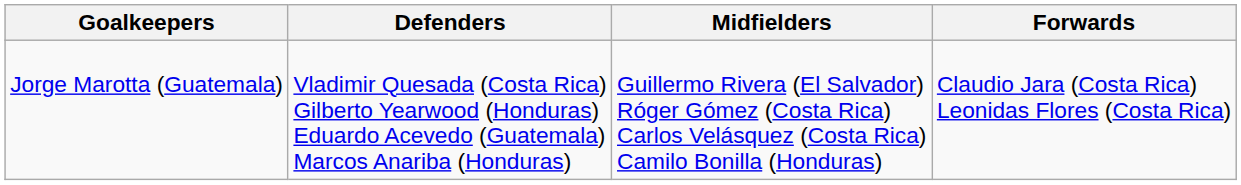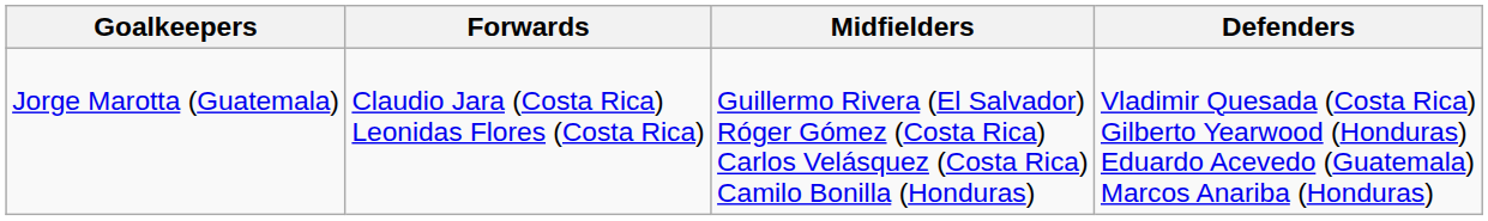 <table class="wikitable" style="mArgin: 0 auto;">
 <tr>
 <th>Goalkeepers</th>
+<th>Forwards</th>
+<th>Midfielders</th>
 <th>Defenders</th>
-<th>Midfielders</th>
-<th>Forwards</th>
 </tr>
 <tr>
 <td valign=top><br> <a href='#'>Jorge Marotta</a> (<a href='#'>Guatemala</a>)</td>
+<td valign=top><br> <a href='#'>Claudio Jara</a> (<a href='#'>Costa Rica</a>)<br>  <a href='#'>Leonidas Flores</a> (<a href='#'>Costa Rica</a>)</td>
+<td valign=top><br> <a href='#'>Guillermo Rivera</a> (<a href='#'>El Salvador</a>)<br>  <a href='#'>Róger Gómez</a> (<a href='#'>Costa Rica</a>)<br>  <a href='#'>Carlos Velásquez</a> (<a href='#'>Costa Rica</a>)<br> <a href='#'>Camilo Bonilla</a> (<a href='#'>Honduras</a>)</td>
 <td valign=top><br> <a href='#'>Vladimir Quesada</a> (<a href='#'>Costa Rica</a>)<br> <a href='#'>Gilberto Yearwood</a> (<a href='#'>Honduras</a>)<br> <a href='#'>Eduardo Acevedo</a> (<a href='#'>Guatemala</a>)<br>  <a href='#'>Marcos Anariba</a> (<a href='#'>Honduras</a>)</td>
-<td valign=top><br> <a href='#'>Guillermo Rivera</a> (<a href='#'>El Salvador</a>)<br>  <a href='#'>Róger Gómez</a> (<a href='#'>Costa Rica</a>)<br>  <a href='#'>Carlos Velásquez</a> (<a href='#'>Costa Rica</a>)<br> <a href='#'>Camilo Bonilla</a> (<a href='#'>Honduras</a>)</td>
-<td valign=top><br> <a href='#'>Claudio Jara</a> (<a href='#'>Costa Rica</a>)<br>  <a href='#'>Leonidas Flores</a> (<a href='#'>Costa Rica</a>)</td>
 </tr>
 </table>
